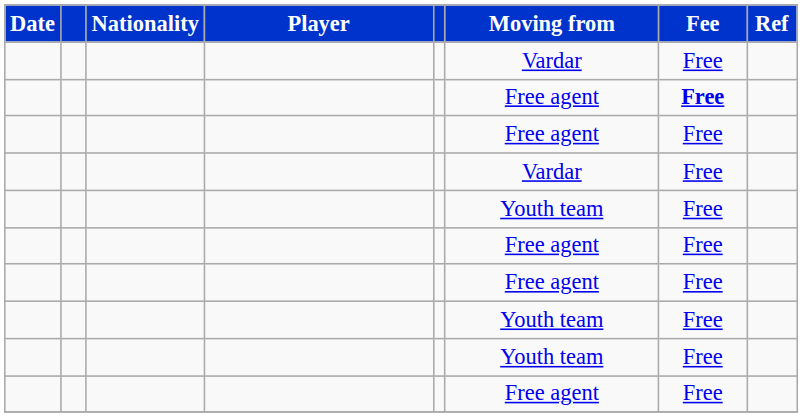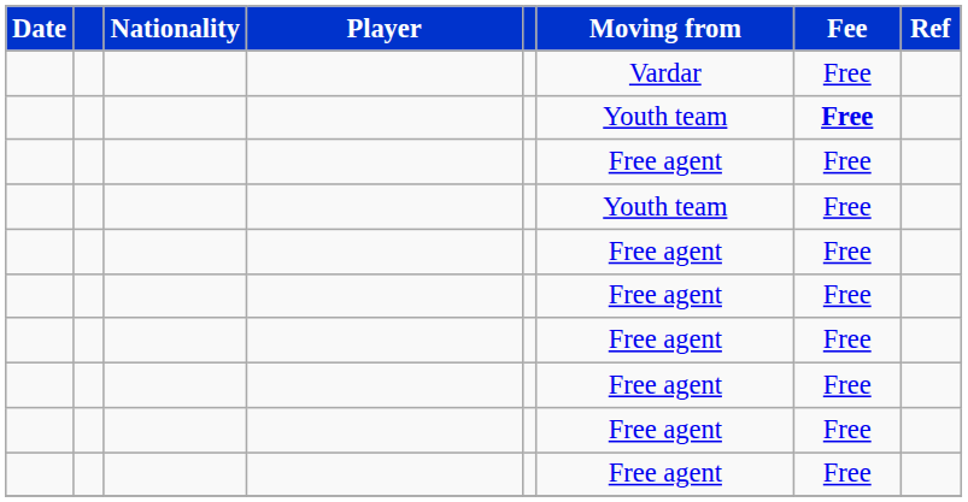 <table class="wikitable"  style="text-align:center; font-size:90%; ">
 <tr>
 <th style="background:#03c; color:white; width:15px;">Date</th>
 <th style="background:#03c; color:white; width:10px;"></th>
 <th style="background:#03c; color:white; width:10px;">Nationality</th>
 <th style="background:#03c; color:white; width:140px;">Player</th>
 <th style="background:#03c; color:white; width:1px;"></th>
 <th style="background:#03c; color:white; width:130px;">Moving from</th>
 <th style="background:#03c; color:white; width:50px;">Fee</th>
 <th style="background:#03c; color:white; width:25px;">Ref</th>
 </tr>
 <tr>
 <td></td>
 <td align=center></td>
 <td align=center></td>
 <td></td>
 <td></td>
 <td><a href='#'>Vardar</a></td>
 <td align=center><a href='#'>Free</a></td>
 <td align=center></td>
 </tr>
 <tr>
 <td></td>
 <td align=center></td>
 <td align=center></td>
 <td></td>
 <td></td>
-<td><a href='#'>Free agent</a></td>
+<td><a href='#'>Youth team</a></td>
 <td align=center><strong><a href='#'>Free</a></strong></td>
 <td align=center></td>
 </tr>
 <tr>
 <td></td>
 <td align=center></td>
 <td align=center></td>
 <td></td>
 <td></td>
 <td><a href='#'>Free agent</a></td>
-<td align=center><a href='#'>Free</a></td>
-<td align=center></td>
-</tr>
-<tr>
-<td></td>
-<td align=center></td>
-<td align=center></td>
-<td></td>
-<td></td>
-<td><a href='#'>Vardar</a></td>
 <td align=center><a href='#'>Free</a></td>
 <td align=center></td>
 </tr>
 <tr>
 <td></td>
 <td align=center></td>
 <td align=center></td>
 <td></td>
 <td></td>
 <td><a href='#'>Youth team</a></td>
 <td align=center><a href='#'>Free</a></td>
 <td align=center></td>
 </tr>
 <tr>
 <td></td>
 <td align=center></td>
 <td align=center></td>
 <td></td>
 <td></td>
 <td><a href='#'>Free agent</a></td>
 <td align=center><a href='#'>Free</a></td>
 <td align=center></td>
 </tr>
 <tr>
 <td></td>
 <td align=center></td>
 <td align=center></td>
 <td></td>
 <td></td>
 <td><a href='#'>Free agent</a></td>
 <td align=center><a href='#'>Free</a></td>
 <td align=center></td>
 </tr>
 <tr>
 <td></td>
 <td align=center></td>
 <td align=center></td>
 <td></td>
 <td></td>
-<td><a href='#'>Youth team</a></td>
+<td><a href='#'>Free agent</a></td>
 <td align=center><a href='#'>Free</a></td>
 <td align=center></td>
 </tr>
 <tr>
 <td></td>
 <td align=center></td>
 <td align=center></td>
 <td></td>
 <td></td>
-<td><a href='#'>Youth team</a></td>
+<td><a href='#'>Free agent</a></td>
+<td align=center><a href='#'>Free</a></td>
+<td align=center></td>
+</tr>
+<tr>
+<td></td>
+<td align=center></td>
+<td align=center></td>
+<td></td>
+<td></td>
+<td><a href='#'>Free agent</a></td>
 <td align=center><a href='#'>Free</a></td>
 <td align=center></td>
 </tr>
 <tr>
 <td></td>
 <td align=center></td>
 <td align=center></td>
 <td></td>
 <td></td>
 <td><a href='#'>Free agent</a></td>
 <td align=center><a href='#'>Free</a></td>
 <td align=center></td>
 </tr>
 <tr>
 </tr>
 </table>
